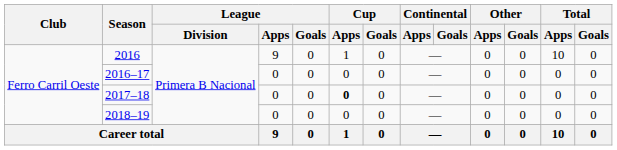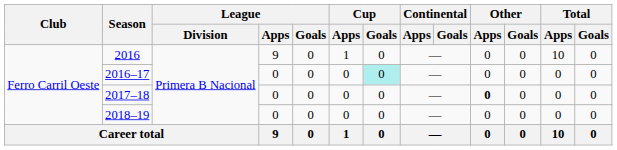 <table class="wikitable" style="text-align:center">
 <tr>
 <th rowspan="2">Club</th>
 <th rowspan="2">Season</th>
 <th colspan="3">League</th>
 <th colspan="2">Cup</th>
 <th colspan="2">Continental</th>
 <th colspan="2">Other</th>
 <th colspan="2">Total</th>
 </tr>
 <tr>
 <th>Division</th>
 <th>Apps</th>
 <th>Goals</th>
 <th>Apps</th>
 <th>Goals</th>
 <th>Apps</th>
 <th>Goals</th>
 <th>Apps</th>
 <th>Goals</th>
 <th>Apps</th>
 <th>Goals</th>
 </tr>
 <tr>
 <td rowspan="4"><a href='#'>Ferro Carril Oeste</a></td>
 <td><a href='#'>2016</a></td>
 <td rowspan="4"><a href='#'>Primera B Nacional</a></td>
 <td>9</td>
 <td>0</td>
 <td>1</td>
 <td>0</td>
 <td colspan="2">—</td>
 <td>0</td>
 <td>0</td>
 <td>10</td>
 <td>0</td>
 </tr>
 <tr>
 <td><a href='#'>2016–17</a></td>
 <td>0</td>
 <td>0</td>
 <td>0</td>
-<td>0</td>
+<td style="background: paleturquoise;">0</td>
 <td colspan="2">—</td>
 <td>0</td>
 <td>0</td>
 <td>0</td>
 <td>0</td>
 </tr>
 <tr>
 <td><a href='#'>2017–18</a></td>
 <td>0</td>
 <td>0</td>
-<td><strong>0</strong></td>
+<td>0</td>
 <td>0</td>
 <td colspan="2">—</td>
-<td>0</td>
+<td><strong>0</strong></td>
 <td>0</td>
 <td>0</td>
 <td>0</td>
 </tr>
 <tr>
 <td><a href='#'>2018–19</a></td>
 <td>0</td>
 <td>0</td>
 <td>0</td>
 <td>0</td>
 <td colspan="2">—</td>
 <td>0</td>
 <td>0</td>
 <td>0</td>
 <td>0</td>
 </tr>
 <tr>
 <th colspan="3">Career total</th>
 <th>9</th>
 <th>0</th>
 <th>1</th>
 <th>0</th>
 <th colspan="2">—</th>
 <th>0</th>
 <th>0</th>
 <th>10</th>
 <th>0</th>
 </tr>
 </table>
